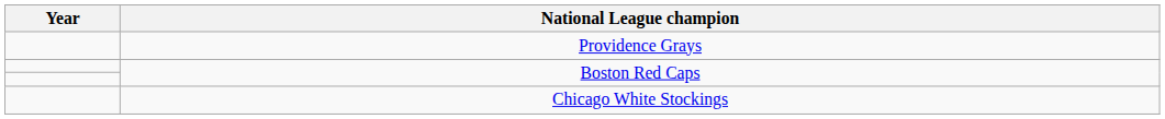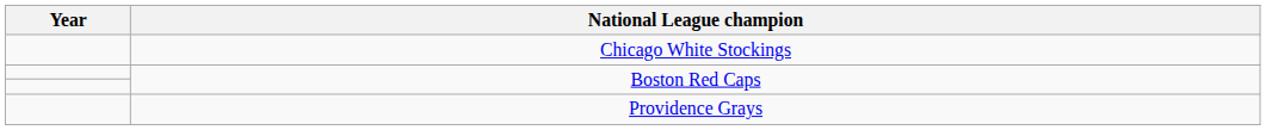 <table class="wikitable" width="85%" style="text-align:center;">
 <tr>
 <th width="10%">Year</th>
 <th width="90%">National League champion</th>
 </tr>
 <tr>
 <td></td>
-<td><a href='#'>Providence Grays</a></td>
+<td><a href='#'>Chicago White Stockings</a></td>
 </tr>
 <tr>
 <td></td>
 <td rowspan="2"><a href='#'>Boston Red Caps</a></td>
 </tr>
 <tr>
 <td></td>
 </tr>
 <tr>
 <td></td>
-<td><a href='#'>Chicago White Stockings</a></td>
+<td><a href='#'>Providence Grays</a></td>
 </tr>
 </table>
